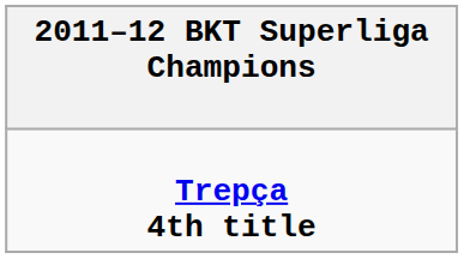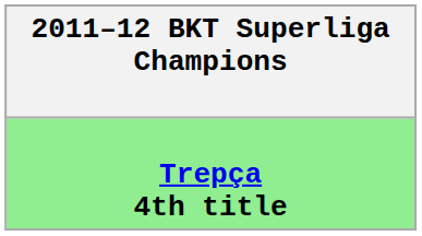 <table class="wikitable" style="margin: 0 auto; width: 30%;">
 <tr>
 <th>2011–12 BKT Superliga Champions<br><br></th>
 </tr>
 <tr>
-<td align=center><br><strong><a href='#'>Trepça</a></strong><br><strong>4th title</strong></td>
+<td align=center style="background: lightgreen;"><br><strong><a href='#'>Trepça</a></strong><br><strong>4th title</strong></td>
 </tr>
 </table>
